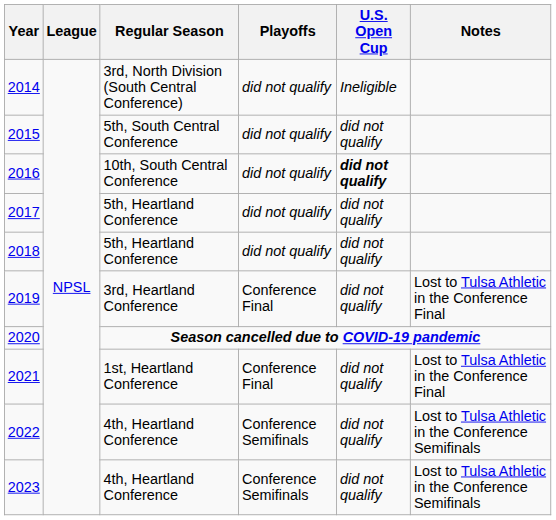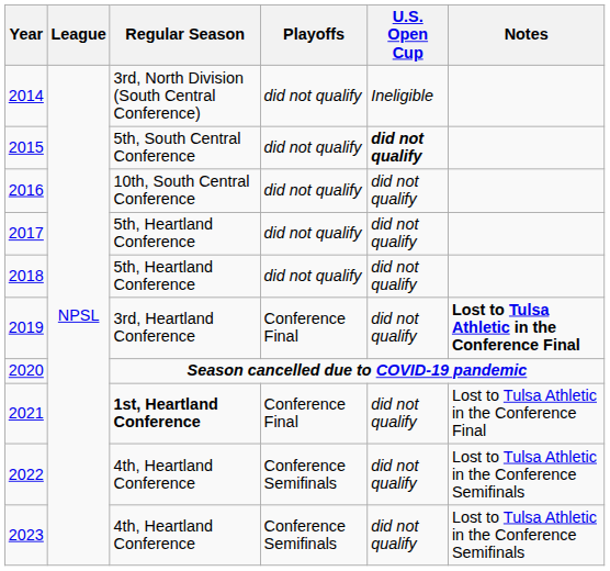 <table class="wikitable">
 <tr>
 <th>Year</th>
 <th>League</th>
 <th>Regular Season</th>
 <th>Playoffs</th>
 <th><a href='#'>U.S. Open Cup</a></th>
 <th>Notes</th>
 </tr>
 <tr>
 <td><a href='#'>2014</a></td>
 <td style="text-align:center;" rowspan="10"><a href='#'>NPSL</a></td>
 <td>3rd, North Division (South Central Conference)</td>
 <td><em>did not qualify</em></td>
 <td><em>Ineligible</em></td>
 <td></td>
 </tr>
 <tr>
 <td><a href='#'>2015</a></td>
 <td>5th, South Central Conference</td>
 <td><em>did not qualify</em></td>
-<td><em>did not qualify</em></td>
+<td><strong><em>did not qualify</em></strong></td>
 <td></td>
 </tr>
 <tr>
 <td><a href='#'>2016</a></td>
 <td>10th, South Central Conference</td>
 <td><em>did not qualify</em></td>
-<td><strong><em>did not qualify</em></strong></td>
+<td><em>did not qualify</em></td>
 <td></td>
 </tr>
 <tr>
 <td><a href='#'>2017</a></td>
 <td>5th, Heartland Conference</td>
 <td><em>did not qualify</em></td>
 <td><em>did not qualify</em></td>
 <td></td>
 </tr>
 <tr>
 <td><a href='#'>2018</a></td>
 <td>5th, Heartland Conference</td>
 <td><em>did not qualify</em></td>
 <td><em>did not qualify</em></td>
 <td></td>
 </tr>
 <tr>
 <td><a href='#'>2019</a></td>
 <td>3rd, Heartland Conference</td>
 <td>Conference Final</td>
 <td><em>did not qualify</em></td>
-<td>Lost to <a href='#'>Tulsa Athletic</a> in the Conference Final</td>
+<td><strong>Lost to <a href='#'>Tulsa Athletic</a> in the Conference Final</strong></td>
 </tr>
 <tr>
 <td><a href='#'>2020</a></td>
 <td colspan="4" style="text-align:center;"><strong><em>Season cancelled due to <a href='#'>COVID-19 pandemic</a></em></strong></td>
 </tr>
 <tr>
 <td><a href='#'>2021</a></td>
-<td>1st, Heartland Conference</td>
+<td><strong>1st, Heartland Conference</strong></td>
 <td>Conference Final</td>
 <td><em>did not qualify</em></td>
 <td>Lost to <a href='#'>Tulsa Athletic</a> in the Conference Final</td>
 </tr>
 <tr>
 <td><a href='#'>2022</a></td>
 <td>4th, Heartland Conference</td>
 <td>Conference Semifinals</td>
 <td><em>did not qualify</em></td>
 <td>Lost to <a href='#'>Tulsa Athletic</a> in the Conference Semifinals</td>
 </tr>
 <tr>
 <td><a href='#'>2023</a></td>
 <td>4th, Heartland Conference</td>
 <td>Conference Semifinals</td>
 <td><em>did not qualify</em></td>
 <td>Lost to <a href='#'>Tulsa Athletic</a> in the Conference Semifinals</td>
 </tr>
 </table>
